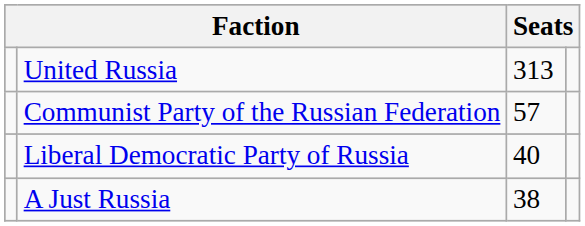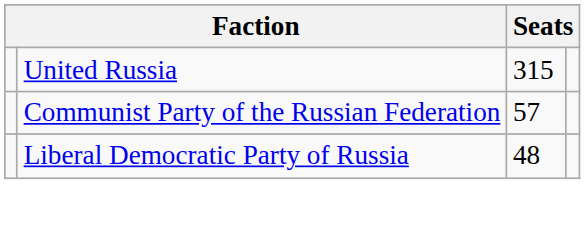 <table class=wikitable>
 <tr>
 <th colspan=2>Faction</th>
 <th colspan=2>Seats</th>
 </tr>
 <tr>
 <td style="background-color:"></td>
 <td><a href='#'>United Russia</a></td>
-<td>313</td>
+<td>315</td>
 <td style="background-color:"></td>
 </tr>
 <tr>
 <td style="background-color:"></td>
 <td><a href='#'>Communist Party of the Russian Federation</a></td>
 <td>57</td>
 <td style="background-color:"></td>
 </tr>
 <tr>
 <td style="background-color:"></td>
 <td><a href='#'>Liberal Democratic Party of Russia</a></td>
-<td>40</td>
-<td style="background-color:"></td>
-</tr>
-<tr>
-<td style="background-color:"></td>
-<td><a href='#'>A Just Russia</a></td>
-<td>38</td>
+<td>48</td>
 <td style="background-color:"></td>
 </tr>
 </table>
